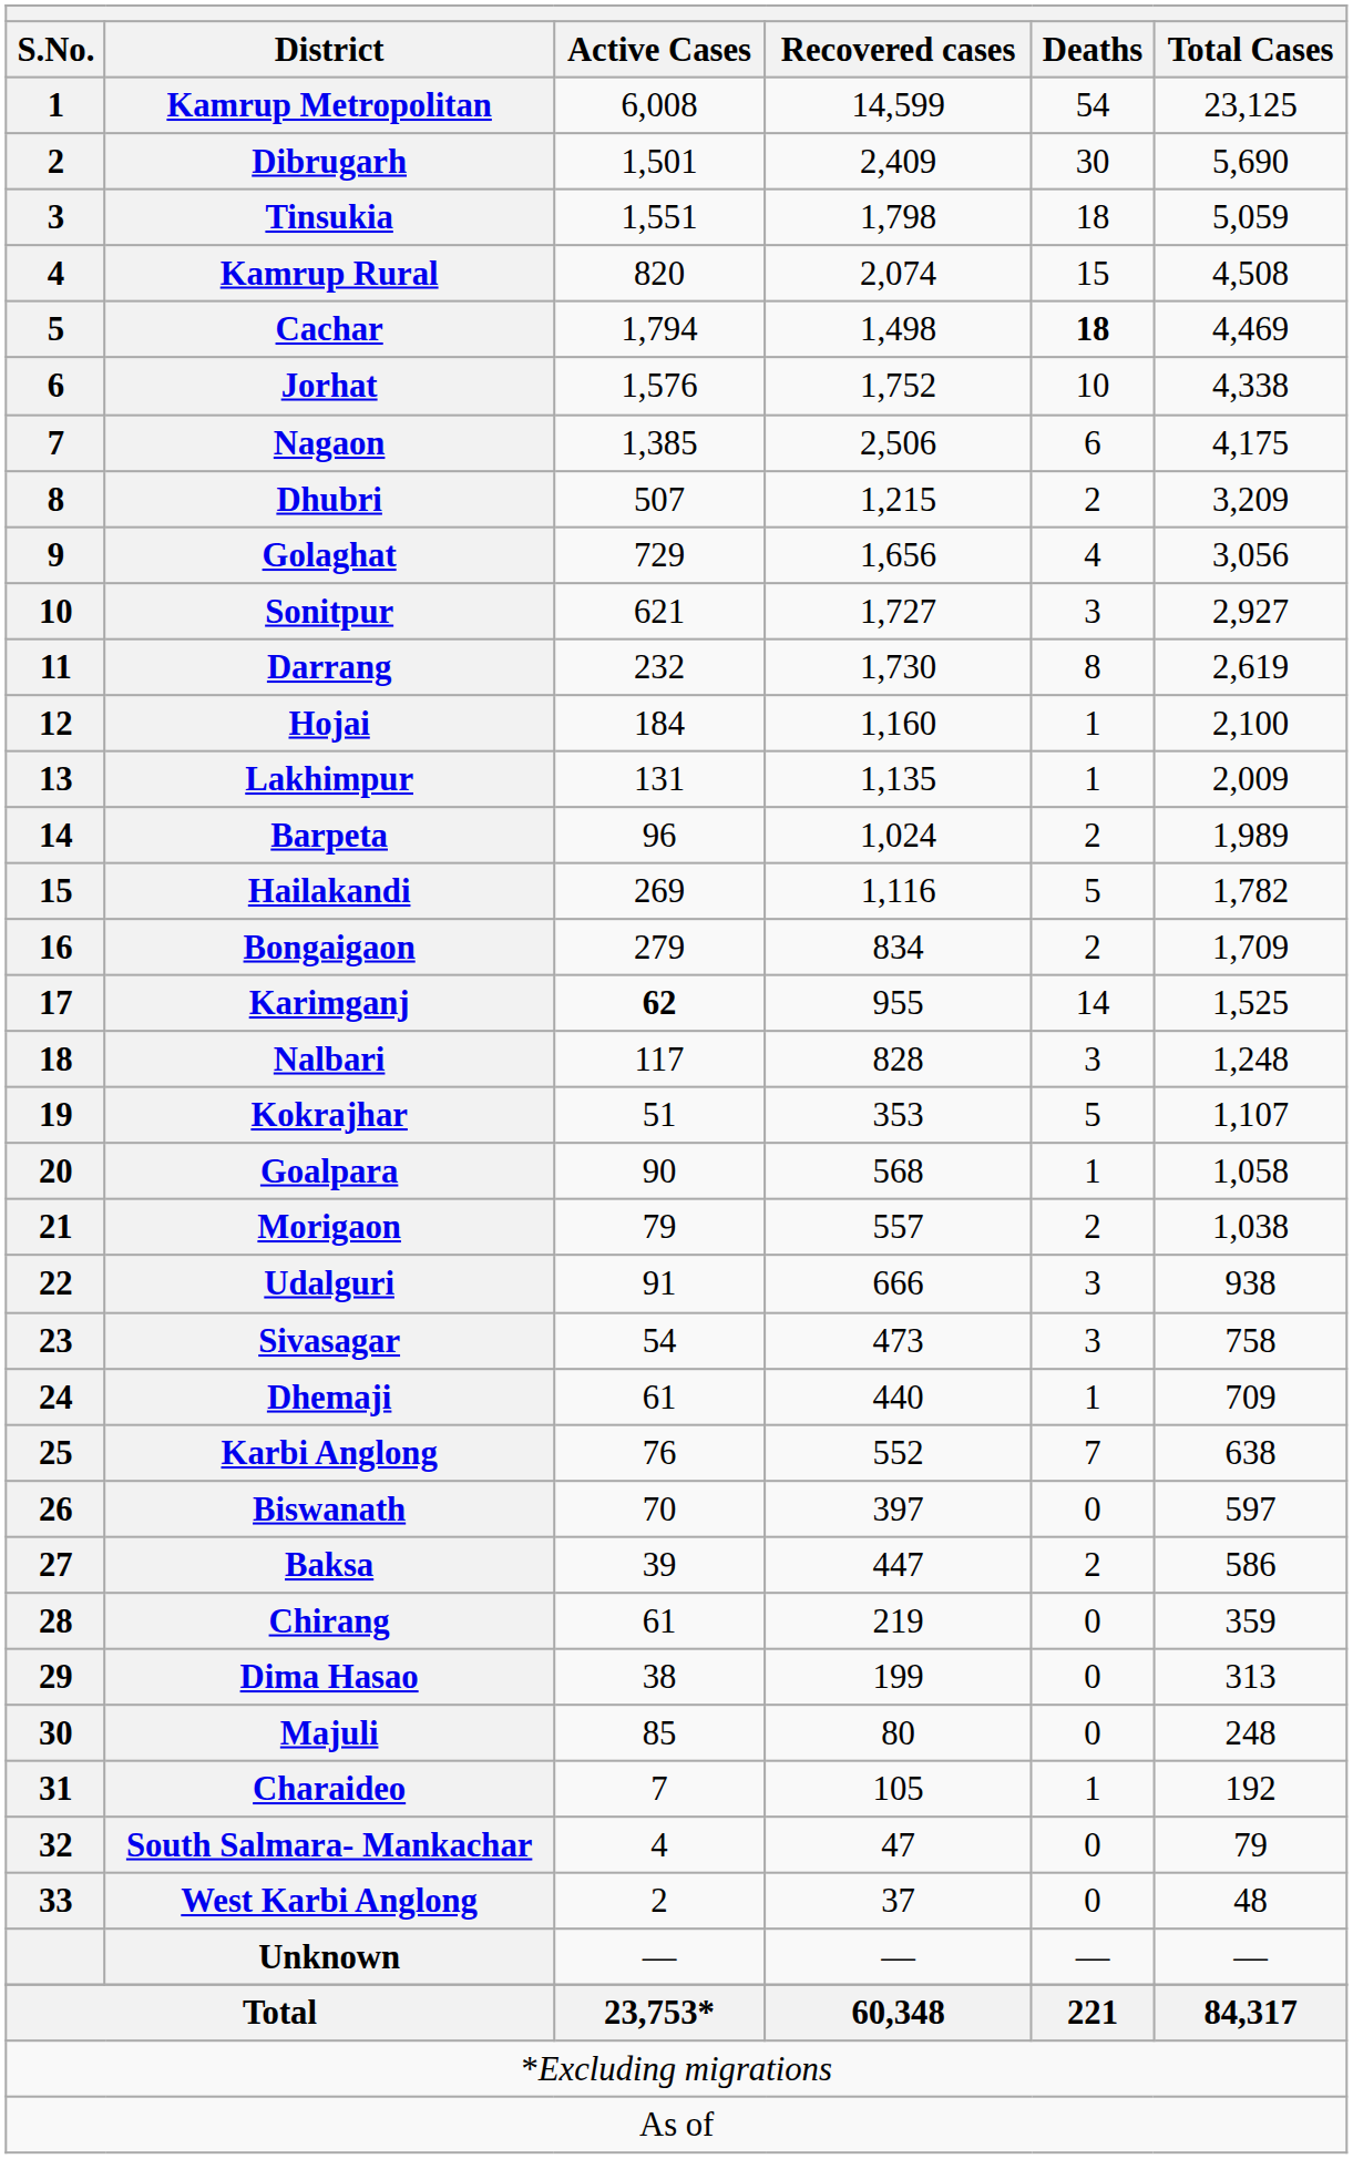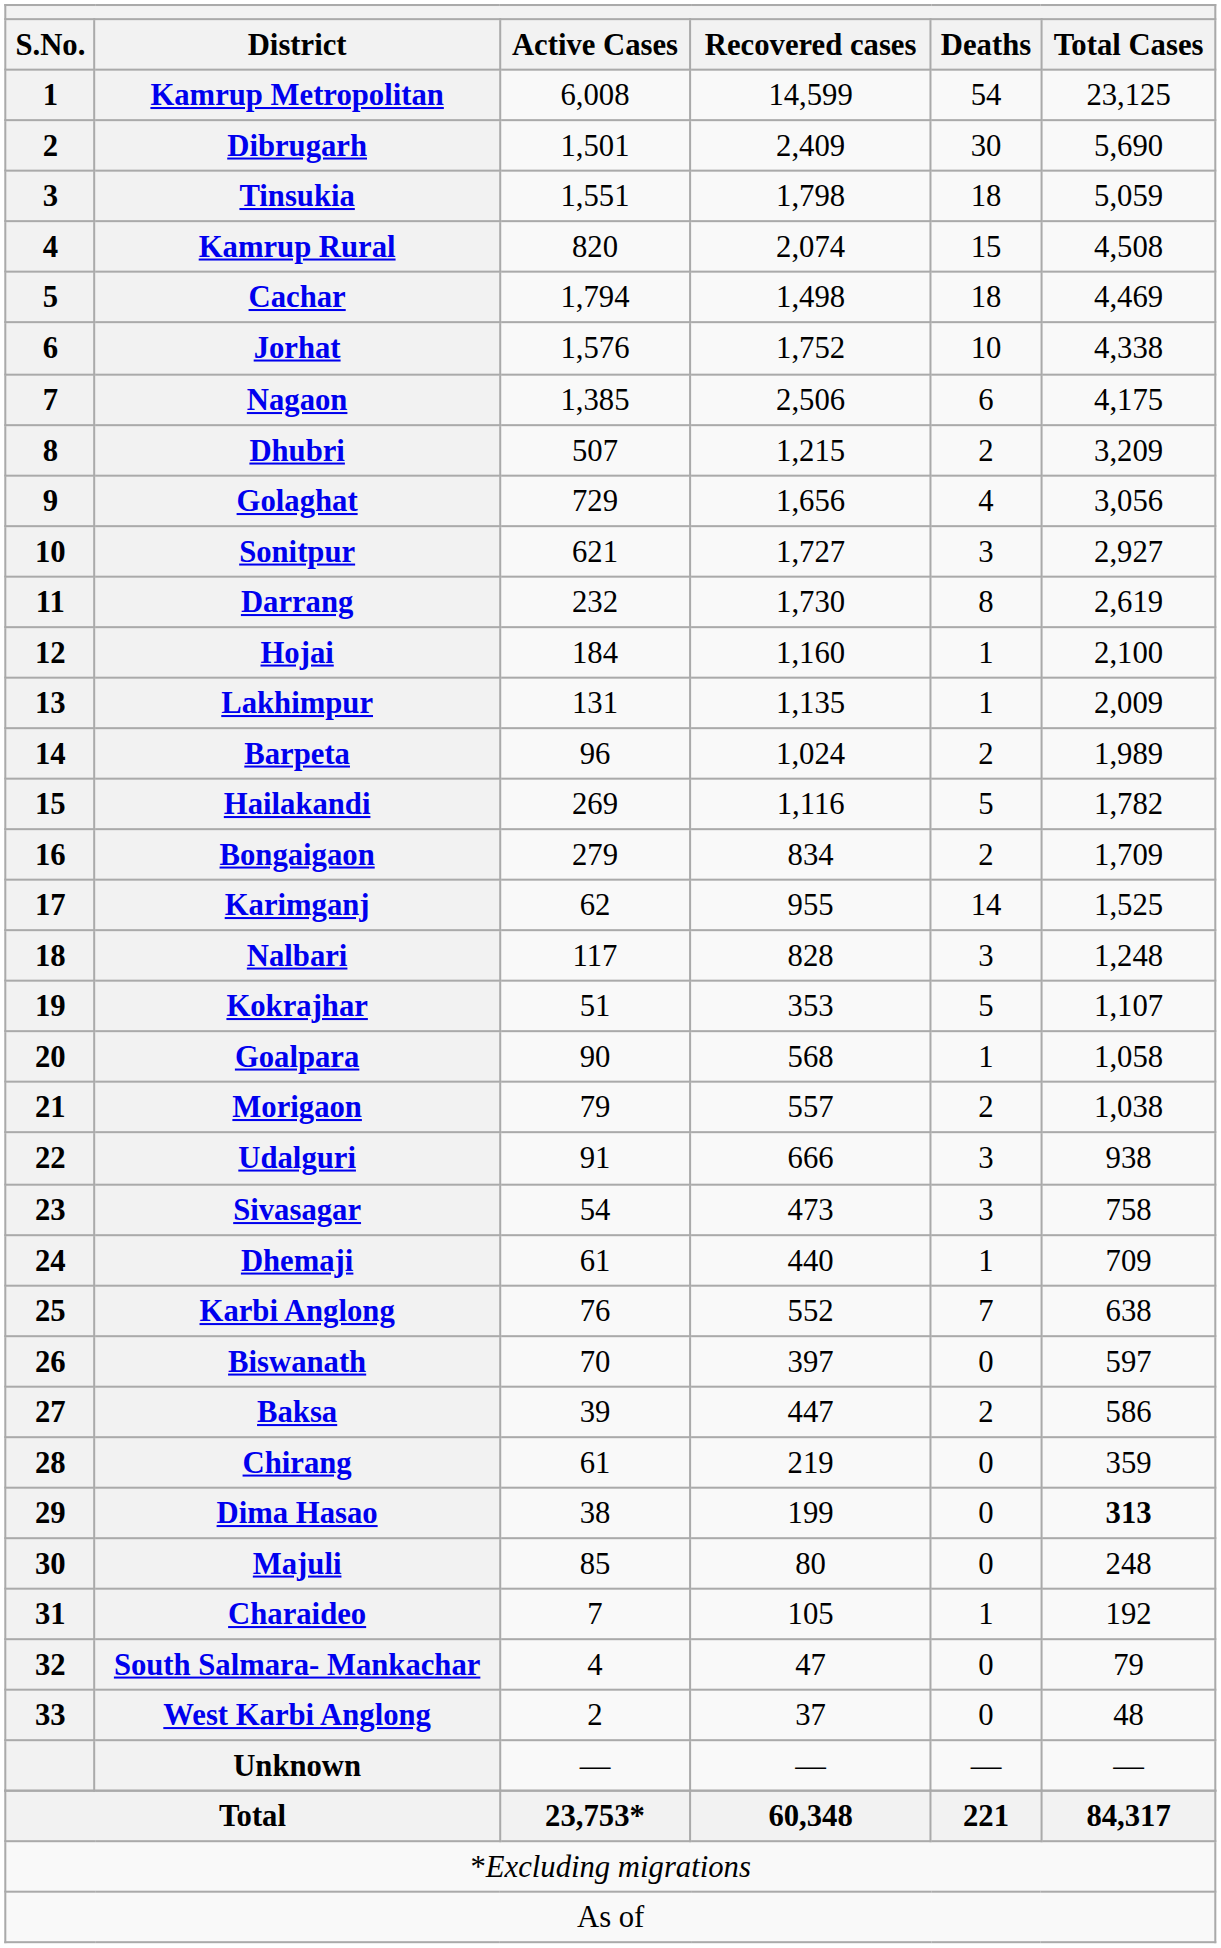 <table class="wikitable plainrowheaders sortable mw-collapsible" style="text-align:center; font-size:95%; width:600px; clear:right; margin:0px 0px 0.5em 1em">
 <tr>
 <th colspan="7"></th>
 </tr>
 <tr>
 <th scope="col">S.No.</th>
 <th scope="col">District</th>
 <th scope="col">Active Cases</th>
 <th scope="col">Recovered cases</th>
 <th scope="col">Deaths</th>
 <th scope="col">Total Cases</th>
 </tr>
 <tr>
 <th scope="row">1</th>
 <th scope="row"><a href='#'>Kamrup Metropolitan</a></th>
 <td>6,008</td>
 <td>14,599</td>
 <td>54</td>
 <td>23,125</td>
 </tr>
 <tr>
 <th scope="row">2</th>
 <th scope="row"><a href='#'>Dibrugarh</a></th>
 <td>1,501</td>
 <td>2,409</td>
 <td>30</td>
 <td>5,690</td>
 </tr>
 <tr>
 <th scope="row">3</th>
 <th scope="row"><a href='#'>Tinsukia</a></th>
 <td>1,551</td>
 <td>1,798</td>
 <td>18</td>
 <td>5,059</td>
 </tr>
 <tr>
 <th scope="row">4</th>
 <th scope="row"><a href='#'>Kamrup Rural</a></th>
 <td>820</td>
 <td>2,074</td>
 <td>15</td>
 <td>4,508</td>
 </tr>
 <tr>
 <th scope="row">5</th>
 <th scope="row"><a href='#'>Cachar</a></th>
 <td>1,794</td>
 <td>1,498</td>
-<td><strong>18</strong></td>
+<td>18</td>
 <td>4,469</td>
 </tr>
 <tr>
 <th scope="row">6</th>
 <th scope="row"><a href='#'>Jorhat</a></th>
 <td>1,576</td>
 <td>1,752</td>
 <td>10</td>
 <td>4,338</td>
 </tr>
 <tr>
 <th scope="row">7</th>
 <th scope="row"><a href='#'>Nagaon</a></th>
 <td>1,385</td>
 <td>2,506</td>
 <td>6</td>
 <td>4,175</td>
 </tr>
 <tr>
 <th scope="row">8</th>
 <th scope="row"><a href='#'>Dhubri</a></th>
 <td>507</td>
 <td>1,215</td>
 <td>2</td>
 <td>3,209</td>
 </tr>
 <tr>
 <th scope="row">9</th>
 <th scope="row"><a href='#'>Golaghat</a></th>
 <td>729</td>
 <td>1,656</td>
 <td>4</td>
 <td>3,056</td>
 </tr>
 <tr>
 <th scope="row">10</th>
 <th scope="row"><a href='#'>Sonitpur</a></th>
 <td>621</td>
 <td>1,727</td>
 <td>3</td>
 <td>2,927</td>
 </tr>
 <tr>
 <th scope="row">11</th>
 <th scope="row"><a href='#'>Darrang</a></th>
 <td>232</td>
 <td>1,730</td>
 <td>8</td>
 <td>2,619</td>
 </tr>
 <tr>
 <th scope="row">12</th>
 <th scope="row"><a href='#'>Hojai</a></th>
 <td>184</td>
 <td>1,160</td>
 <td>1</td>
 <td>2,100</td>
 </tr>
 <tr>
 <th scope="row">13</th>
 <th scope="row"><a href='#'>Lakhimpur</a></th>
 <td>131</td>
 <td>1,135</td>
 <td>1</td>
 <td>2,009</td>
 </tr>
 <tr>
 <th scope="row">14</th>
 <th scope="row"><a href='#'>Barpeta</a></th>
 <td>96</td>
 <td>1,024</td>
 <td>2</td>
 <td>1,989</td>
 </tr>
 <tr>
 <th scope="row">15</th>
 <th scope="row"><a href='#'>Hailakandi</a></th>
 <td>269</td>
 <td>1,116</td>
 <td>5</td>
 <td>1,782</td>
 </tr>
 <tr>
 <th scope="row">16</th>
 <th scope="row"><a href='#'>Bongaigaon</a></th>
 <td>279</td>
 <td>834</td>
 <td>2</td>
 <td>1,709</td>
 </tr>
 <tr>
 <th scope="row">17</th>
 <th scope="row"><a href='#'>Karimganj</a></th>
-<td><strong>62</strong></td>
+<td>62</td>
 <td>955</td>
 <td>14</td>
 <td>1,525</td>
 </tr>
 <tr>
 <th scope="row">18</th>
 <th scope="row"><a href='#'>Nalbari</a></th>
 <td>117</td>
 <td>828</td>
 <td>3</td>
 <td>1,248</td>
 </tr>
 <tr>
 <th scope="row">19</th>
 <th scope="row"><a href='#'>Kokrajhar</a></th>
 <td>51</td>
 <td>353</td>
 <td>5</td>
 <td>1,107</td>
 </tr>
 <tr>
 <th scope="row">20</th>
 <th scope="row"><a href='#'>Goalpara</a></th>
 <td>90</td>
 <td>568</td>
 <td>1</td>
 <td>1,058</td>
 </tr>
 <tr>
 <th scope="row">21</th>
 <th scope="row"><a href='#'>Morigaon</a></th>
 <td>79</td>
 <td>557</td>
 <td>2</td>
 <td>1,038</td>
 </tr>
 <tr>
 <th scope="row">22</th>
 <th scope="row"><a href='#'>Udalguri</a></th>
 <td>91</td>
 <td>666</td>
 <td>3</td>
 <td>938</td>
 </tr>
 <tr>
 <th scope="row">23</th>
 <th scope="row"><a href='#'>Sivasagar</a></th>
 <td>54</td>
 <td>473</td>
 <td>3</td>
 <td>758</td>
 </tr>
 <tr>
 <th scope="row">24</th>
 <th scope="row"><a href='#'>Dhemaji</a></th>
 <td>61</td>
 <td>440</td>
 <td>1</td>
 <td>709</td>
 </tr>
 <tr>
 <th scope="row">25</th>
 <th scope="row"><a href='#'>Karbi Anglong</a></th>
 <td>76</td>
 <td>552</td>
 <td>7</td>
 <td>638</td>
 </tr>
 <tr>
 <th scope="row">26</th>
 <th scope="row"><a href='#'>Biswanath</a></th>
 <td>70</td>
 <td>397</td>
 <td>0</td>
 <td>597</td>
 </tr>
 <tr>
 <th scope="row">27</th>
 <th scope="row"><a href='#'>Baksa</a></th>
 <td>39</td>
 <td>447</td>
 <td>2</td>
 <td>586</td>
 </tr>
 <tr>
 <th scope="row">28</th>
 <th scope="row"><a href='#'>Chirang</a></th>
 <td>61</td>
 <td>219</td>
 <td>0</td>
 <td>359</td>
 </tr>
 <tr>
 <th scope="row">29</th>
 <th scope="row"><a href='#'>Dima Hasao</a></th>
 <td>38</td>
 <td>199</td>
 <td>0</td>
-<td>313</td>
+<td><strong>313</strong></td>
 </tr>
 <tr>
 <th scope="row">30</th>
 <th scope="row"><a href='#'>Majuli</a></th>
 <td>85</td>
 <td>80</td>
 <td>0</td>
 <td>248</td>
 </tr>
 <tr>
 <th scope="row">31</th>
 <th scope="row"><a href='#'>Charaideo</a></th>
 <td>7</td>
 <td>105</td>
 <td>1</td>
 <td>192</td>
 </tr>
 <tr>
 <th scope="row">32</th>
 <th scope="row"><a href='#'>South Salmara- Mankachar</a></th>
 <td>4</td>
 <td>47</td>
 <td>0</td>
 <td>79</td>
 </tr>
 <tr>
 <th scope="row">33</th>
 <th scope="row"><a href='#'>West Karbi Anglong</a></th>
 <td>2</td>
 <td>37</td>
 <td>0</td>
 <td>48</td>
 </tr>
 <tr>
 <th scope="row"></th>
 <th scope="row">Unknown</th>
 <td>—</td>
 <td>—</td>
 <td>—</td>
 <td>—</td>
 </tr>
 <tr>
 </tr>
 <tr class="sortbottom">
 <th colspan="2">Total</th>
 <th scope="col">23,753*</th>
 <th scope="col">60,348</th>
 <th scope="col">221</th>
 <th>84,317</th>
 </tr>
 <tr class="sortbottom" style="text-align:center;">
 <td colspan="7">*<em>Excluding migrations</em></td>
 </tr>
 <tr class="sortbottom" style="text-align:center;">
 <td colspan="7">As of </td>
 </tr>
 </table>
